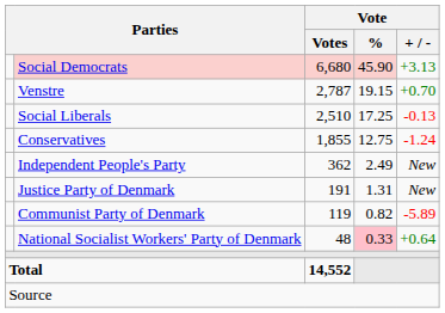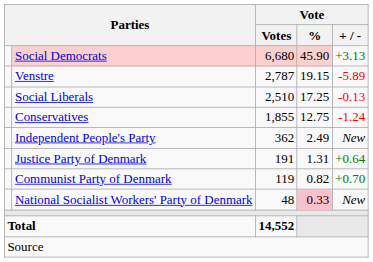 <table class="wikitable" style="text-align:right;">
 <tr>
 <th style="text-align:centre;" rowspan="2" colspan="2" width="225">Parties</th>
 <th colspan="3">Vote</th>
 </tr>
 <tr>
 <th width="15">Votes</th>
 <th width="15">%</th>
 <th width="15">+ / -</th>
 </tr>
 <tr>
 <td width="2" style="color:inherit;background:"></td>
 <td bgcolor=#fbd0ce  align="left"><a href='#'>Social Democrats</a></td>
 <td bgcolor=#fbd0ce>6,680</td>
 <td bgcolor=#fbd0ce>45.90</td>
 <td style=color:green;>+3.13</td>
 </tr>
 <tr>
 <td width="2" style="color:inherit;background:"></td>
 <td align="left"><a href='#'>Venstre</a></td>
 <td>2,787</td>
 <td>19.15</td>
-<td style=color:green;>+0.70</td>
+<td style=color:red;>-5.89</td>
 </tr>
 <tr>
 <td width="2" style="color:inherit;background:"></td>
 <td align="left"><a href='#'>Social Liberals</a></td>
 <td>2,510</td>
 <td>17.25</td>
 <td style=color:red;>-0.13</td>
 </tr>
 <tr>
 <td width="2" style="color:inherit;background:"></td>
 <td align="left"><a href='#'>Conservatives</a></td>
 <td>1,855</td>
 <td>12.75</td>
 <td style=color:red;>-1.24</td>
 </tr>
 <tr>
 <td width="2" style="color:inherit;background:"></td>
 <td align="left"><a href='#'>Independent People's Party</a></td>
 <td>362</td>
 <td>2.49</td>
 <td><em>New</em></td>
 </tr>
 <tr>
 <td width="2" style="color:inherit;background:"></td>
 <td align="left"><a href='#'>Justice Party of Denmark</a></td>
 <td>191</td>
 <td>1.31</td>
-<td><em>New</em></td>
+<td style=color:green;>+0.64</td>
 </tr>
 <tr>
 <td width="2" style="color:inherit;background:"></td>
 <td align="left"><a href='#'>Communist Party of Denmark</a></td>
 <td>119</td>
 <td>0.82</td>
-<td style=color:red;>-5.89</td>
+<td style=color:green;>+0.70</td>
 </tr>
 <tr>
 <td width="2" style="color:inherit;background:"></td>
 <td align="left"><a href='#'>National Socialist Workers' Party of Denmark</a></td>
 <td>48</td>
 <td style="background: pink;">0.33</td>
-<td style=color:green;>+0.64</td>
+<td><em>New</em></td>
 </tr>
 <tr>
 <td colspan="7" bgcolor="#E9E9E9"></td>
 </tr>
 <tr>
 <td align="left" colspan="2"><strong>Total</strong></td>
 <td><strong>14,552</strong></td>
 <td bgcolor="#E9E9E9" colspan="2"></td>
 </tr>
 <tr>
 <td align="left" colspan="6">Source</td>
 </tr>
 </table>
